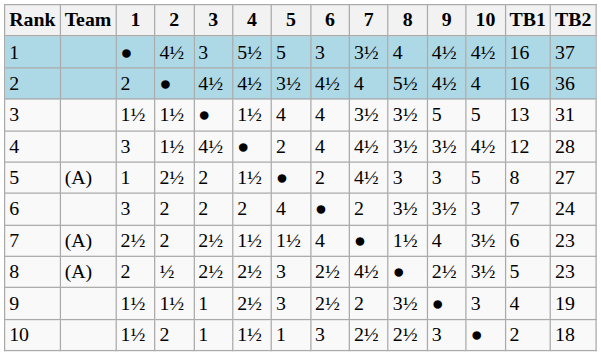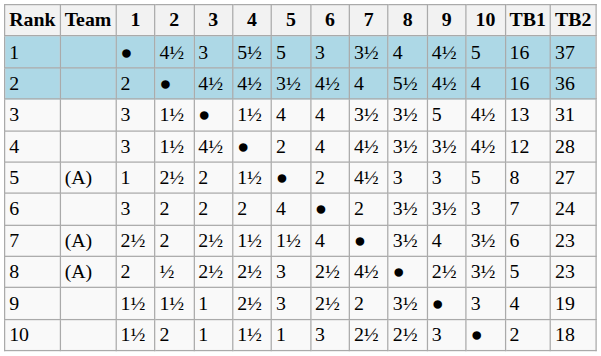 <table class="wikitable">
 <tr>
 <th>Rank</th>
 <th>Team</th>
 <th style="width:1.5em;">1</th>
 <th style="width:1.5em;">2</th>
 <th style="width:1.5em;">3</th>
 <th style="width:1.5em;">4</th>
 <th style="width:1.5em;">5</th>
 <th style="width:1.5em;">6</th>
 <th style="width:1.5em;">7</th>
 <th style="width:1.5em;">8</th>
 <th style="width:1.5em;">9</th>
 <th style="width:1.5em;">10</th>
 <th>TB1</th>
 <th>TB2</th>
 </tr>
 <tr style="background:lightblue">
 <td>1</td>
 <td></td>
 <td>●</td>
 <td>4½</td>
 <td>3</td>
 <td>5½</td>
 <td>5</td>
 <td>3</td>
 <td>3½</td>
 <td>4</td>
 <td>4½</td>
-<td>4½</td>
+<td>5</td>
 <td>16</td>
 <td>37</td>
 </tr>
 <tr style="background:lightblue">
 <td>2</td>
 <td></td>
 <td>2</td>
 <td>●</td>
 <td>4½</td>
 <td>4½</td>
 <td>3½</td>
 <td>4½</td>
 <td>4</td>
 <td>5½</td>
 <td>4½</td>
 <td>4</td>
 <td>16</td>
 <td>36</td>
 </tr>
 <tr>
 <td>3</td>
 <td></td>
-<td>1½</td>
+<td>3</td>
 <td>1½</td>
 <td>●</td>
 <td>1½</td>
 <td>4</td>
 <td>4</td>
 <td>3½</td>
 <td>3½</td>
 <td>5</td>
-<td>5</td>
+<td>4½</td>
 <td>13</td>
 <td>31</td>
 </tr>
 <tr>
 <td>4</td>
 <td></td>
 <td>3</td>
 <td>1½</td>
 <td>4½</td>
 <td>●</td>
 <td>2</td>
 <td>4</td>
 <td>4½</td>
 <td>3½</td>
 <td>3½</td>
 <td>4½</td>
 <td>12</td>
 <td>28</td>
 </tr>
 <tr>
 <td>5</td>
 <td> (A)</td>
 <td>1</td>
 <td>2½</td>
 <td>2</td>
 <td>1½</td>
 <td>●</td>
 <td>2</td>
 <td>4½</td>
 <td>3</td>
 <td>3</td>
 <td>5</td>
 <td>8</td>
 <td>27</td>
 </tr>
 <tr>
 <td>6</td>
 <td></td>
 <td>3</td>
 <td>2</td>
 <td>2</td>
 <td>2</td>
 <td>4</td>
 <td>●</td>
 <td>2</td>
 <td>3½</td>
 <td>3½</td>
 <td>3</td>
 <td>7</td>
 <td>24</td>
 </tr>
 <tr>
 <td>7</td>
 <td> (A)</td>
 <td>2½</td>
 <td>2</td>
 <td>2½</td>
 <td>1½</td>
 <td>1½</td>
 <td>4</td>
 <td>●</td>
-<td>1½</td>
+<td>3½</td>
 <td>4</td>
 <td>3½</td>
 <td>6</td>
 <td>23</td>
 </tr>
 <tr>
 <td>8</td>
 <td> (A)</td>
 <td>2</td>
 <td>½</td>
 <td>2½</td>
 <td>2½</td>
 <td>3</td>
 <td>2½</td>
 <td>4½</td>
 <td>●</td>
 <td>2½</td>
 <td>3½</td>
 <td>5</td>
 <td>23</td>
 </tr>
 <tr>
 <td>9</td>
 <td></td>
 <td>1½</td>
 <td>1½</td>
 <td>1</td>
 <td>2½</td>
 <td>3</td>
 <td>2½</td>
 <td>2</td>
 <td>3½</td>
 <td>●</td>
 <td>3</td>
 <td>4</td>
 <td>19</td>
 </tr>
 <tr>
 <td>10</td>
 <td></td>
 <td>1½</td>
 <td>2</td>
 <td>1</td>
 <td>1½</td>
 <td>1</td>
 <td>3</td>
 <td>2½</td>
 <td>2½</td>
 <td>3</td>
 <td>●</td>
 <td>2</td>
 <td>18</td>
 </tr>
 </table>
